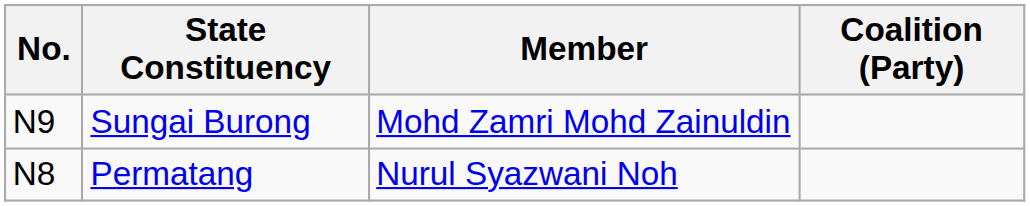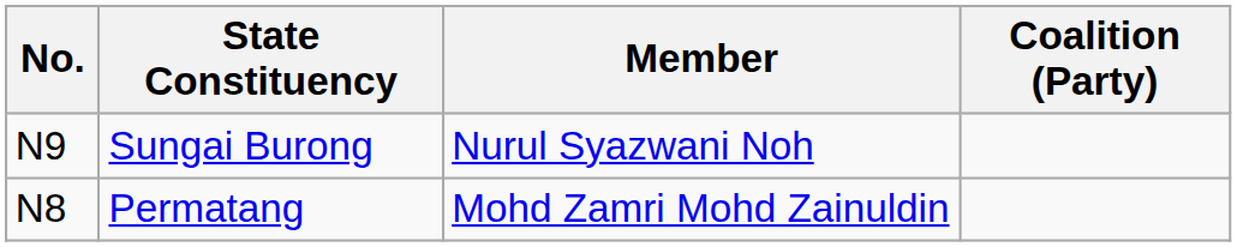 <table class="wikitable">
 <tr>
 <th width="30">No.</th>
 <th width="130">State Constituency</th>
 <th width="200">Member</th>
 <th width="100">Coalition (Party)</th>
 </tr>
 <tr>
 <td>N9</td>
 <td><a href='#'>Sungai Burong</a></td>
-<td><a href='#'>Mohd Zamri Mohd Zainuldin</a></td>
+<td><a href='#'>Nurul Syazwani Noh</a></td>
 <td></td>
 </tr>
 <tr>
 <td>N8</td>
 <td><a href='#'>Permatang</a></td>
-<td><a href='#'>Nurul Syazwani Noh</a></td>
+<td><a href='#'>Mohd Zamri Mohd Zainuldin</a></td>
 <td></td>
 </tr>
 </table>
